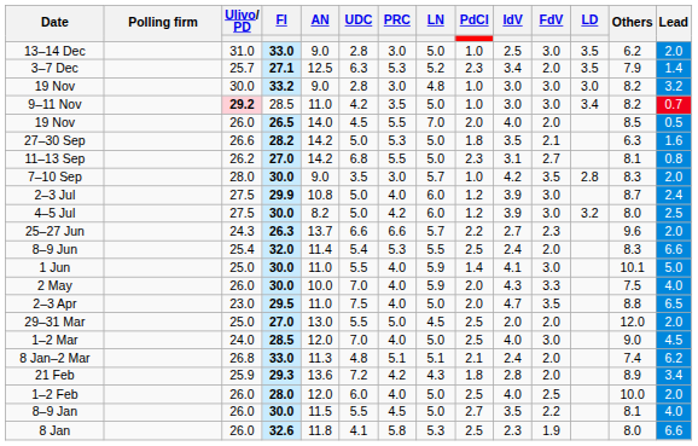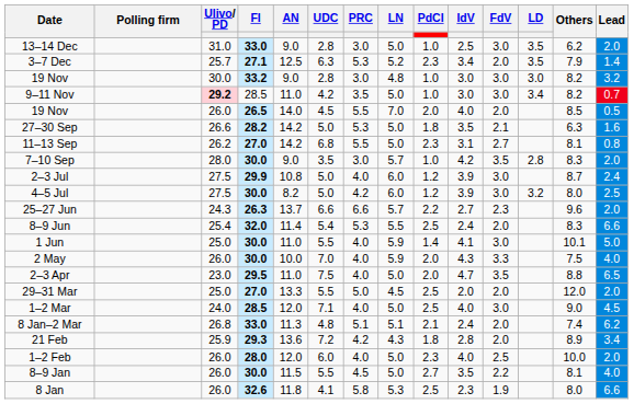 <table class="wikitable collapsible" style="text-align:center;font-size:85%;line-height:13px">
 <tr style="height:30px; background-color:#E9E9E9">
 <th style="width:100px;" rowspan="2">Date</th>
 <th style="width:120px;" rowspan="2">Polling firm</th>
 <th style="width:35px;"><a href='#'>Ulivo</a>/<br><a href='#'>PD</a></th>
 <th style="width:35px;"><a href='#'>FI</a></th>
 <th style="width:35px;"><a href='#'>AN</a></th>
 <th style="width:35px;"><a href='#'>UDC</a></th>
 <th style="width:35px;"><a href='#'>PRC</a></th>
 <th style="width:35px;"><a href='#'>LN</a></th>
 <th style="width:35px;"><a href='#'>PdCI</a></th>
 <th style="width:35px;"><a href='#'>IdV</a></th>
 <th style="width:35px;"><a href='#'>FdV</a></th>
 <th style="width:35px;"><a href='#'>LD</a></th>
 <th style="width:35px;" rowspan="2">Others</th>
 <th style="width:25px;" rowspan="2">Lead</th>
 </tr>
 <tr>
 <th style="background:"></th>
 <th style="background:"></th>
 <th style="background:"></th>
 <th style="background:"></th>
 <th style="background:"></th>
 <th style="background:"></th>
 <th style="background:red;"></th>
 <th style="background:"></th>
 <th style="background:"></th>
 <th style="background:"></th>
 </tr>
 <tr>
 <td>13–14 Dec</td>
 <td></td>
 <td>31.0</td>
 <td style="background:#C8EBFF"><strong>33.0</strong></td>
 <td>9.0</td>
 <td>2.8</td>
 <td>3.0</td>
 <td>5.0</td>
 <td>1.0</td>
 <td>2.5</td>
 <td>3.0</td>
 <td>3.5</td>
 <td>6.2</td>
 <td style="background:#0087DC; color:white;">2.0</td>
 </tr>
 <tr>
 <td>3–7 Dec</td>
 <td></td>
 <td>25.7</td>
 <td style="background:#C8EBFF"><strong>27.1</strong></td>
 <td>12.5</td>
 <td>6.3</td>
 <td>5.3</td>
 <td>5.2</td>
 <td>2.3</td>
 <td>3.4</td>
 <td>2.0</td>
 <td>3.5</td>
 <td>7.9</td>
 <td style="background:#0087DC; color:white;">1.4</td>
 </tr>
 <tr>
 <td>19 Nov</td>
 <td></td>
 <td>30.0</td>
 <td style="background:#C8EBFF"><strong>33.2</strong></td>
 <td>9.0</td>
 <td>2.8</td>
 <td>3.0</td>
 <td>4.8</td>
 <td>1.0</td>
 <td>3.0</td>
 <td>3.0</td>
 <td>3.0</td>
 <td>8.2</td>
 <td style="background:#0087DC; color:white;">3.2</td>
 </tr>
 <tr>
 <td>9–11 Nov</td>
 <td></td>
 <td style="background:#FFD0D7"><strong>29.2</strong></td>
 <td>28.5</td>
 <td>11.0</td>
 <td>4.2</td>
 <td>3.5</td>
 <td>5.0</td>
 <td>1.0</td>
 <td>3.0</td>
 <td>3.0</td>
 <td>3.4</td>
 <td>8.2</td>
 <td style="background:#F0001C; color:white;">0.7</td>
 </tr>
 <tr>
 <td>19 Nov</td>
 <td></td>
 <td>26.0</td>
 <td style="background:#C8EBFF"><strong>26.5</strong></td>
 <td>14.0</td>
 <td>4.5</td>
 <td>5.5</td>
 <td>7.0</td>
 <td>2.0</td>
 <td>4.0</td>
 <td>2.0</td>
 <td></td>
 <td>8.5</td>
 <td style="background:#0087DC; color:white;">0.5</td>
 </tr>
 <tr>
 <td>27–30 Sep</td>
 <td></td>
 <td>26.6</td>
 <td style="background:#C8EBFF"><strong>28.2</strong></td>
 <td>14.2</td>
 <td>5.0</td>
 <td>5.3</td>
 <td>5.0</td>
 <td>1.8</td>
 <td>3.5</td>
 <td>2.1</td>
 <td></td>
 <td>6.3</td>
 <td style="background:#0087DC; color:white;">1.6</td>
 </tr>
 <tr>
 <td>11–13 Sep</td>
 <td></td>
 <td>26.2</td>
 <td style="background:#C8EBFF"><strong>27.0</strong></td>
 <td>14.2</td>
 <td>6.8</td>
 <td>5.5</td>
 <td>5.0</td>
 <td>2.3</td>
 <td>3.1</td>
 <td>2.7</td>
 <td></td>
 <td>8.1</td>
 <td style="background:#0087DC; color:white;">0.8</td>
 </tr>
 <tr>
 <td>7–10 Sep</td>
 <td></td>
 <td>28.0</td>
 <td style="background:#C8EBFF"><strong>30.0</strong></td>
 <td>9.0</td>
 <td>3.5</td>
 <td>3.0</td>
 <td>5.7</td>
 <td>1.0</td>
 <td>4.2</td>
 <td>3.5</td>
 <td>2.8</td>
 <td>8.3</td>
 <td style="background:#0087DC; color:white;">2.0</td>
 </tr>
 <tr>
 <td>2–3 Jul</td>
 <td></td>
 <td>27.5</td>
 <td style="background:#C8EBFF"><strong>29.9</strong></td>
 <td>10.8</td>
 <td>5.0</td>
 <td>4.0</td>
 <td>6.0</td>
 <td>1.2</td>
 <td>3.9</td>
 <td>3.0</td>
 <td></td>
 <td>8.7</td>
 <td style="background:#0087DC; color:white;">2.4</td>
 </tr>
 <tr>
 <td>4–5 Jul</td>
 <td></td>
 <td>27.5</td>
 <td style="background:#C8EBFF"><strong>30.0</strong></td>
 <td>8.2</td>
 <td>5.0</td>
 <td>4.2</td>
 <td>6.0</td>
 <td>1.2</td>
 <td>3.9</td>
 <td>3.0</td>
 <td>3.2</td>
 <td>8.0</td>
 <td style="background:#0087DC; color:white;">2.5</td>
 </tr>
 <tr>
 <td>25–27 Jun</td>
 <td></td>
 <td>24.3</td>
 <td style="background:#C8EBFF"><strong>26.3</strong></td>
 <td>13.7</td>
 <td>6.6</td>
 <td>6.6</td>
 <td>5.7</td>
 <td>2.2</td>
 <td>2.7</td>
 <td>2.3</td>
 <td></td>
 <td>9.6</td>
 <td style="background:#0087DC; color:white;">2.0</td>
 </tr>
 <tr>
 <td>8–9 Jun</td>
 <td></td>
 <td>25.4</td>
 <td style="background:#C8EBFF"><strong>32.0</strong></td>
 <td>11.4</td>
 <td>5.4</td>
 <td>5.3</td>
 <td>5.5</td>
 <td>2.5</td>
 <td>2.4</td>
 <td>2.0</td>
 <td></td>
 <td>8.3</td>
 <td style="background:#0087DC; color:white;">6.6</td>
 </tr>
 <tr>
 <td>1 Jun</td>
 <td></td>
 <td>25.0</td>
 <td style="background:#C8EBFF"><strong>30.0</strong></td>
 <td>11.0</td>
 <td>5.5</td>
 <td>4.0</td>
 <td>5.9</td>
 <td>1.4</td>
 <td>4.1</td>
 <td>3.0</td>
 <td></td>
 <td>10.1</td>
 <td style="background:#0087DC; color:white;">5.0</td>
 </tr>
 <tr>
 <td>2 May</td>
 <td></td>
 <td>26.0</td>
 <td style="background:#C8EBFF"><strong>30.0</strong></td>
 <td>10.0</td>
 <td>7.0</td>
 <td>4.0</td>
 <td>5.9</td>
 <td>2.0</td>
 <td>4.3</td>
 <td>3.3</td>
 <td></td>
 <td>7.5</td>
 <td style="background:#0087DC; color:white;">4.0</td>
 </tr>
 <tr>
 <td>2–3 Apr</td>
 <td></td>
 <td>23.0</td>
 <td style="background:#C8EBFF"><strong>29.5</strong></td>
 <td>11.0</td>
 <td>7.5</td>
 <td>4.0</td>
 <td>5.0</td>
 <td>2.0</td>
 <td>4.7</td>
 <td>3.5</td>
 <td></td>
 <td>8.8</td>
 <td style="background:#0087DC; color:white;">6.5</td>
 </tr>
 <tr>
 <td>29–31 Mar</td>
 <td></td>
 <td>25.0</td>
 <td style="background:#C8EBFF"><strong>27.0</strong></td>
-<td>13.0</td>
+<td>13.3</td>
 <td>5.5</td>
 <td>5.0</td>
 <td>4.5</td>
 <td>2.5</td>
 <td>2.0</td>
 <td>2.0</td>
 <td></td>
 <td>12.0</td>
 <td style="background:#0087DC; color:white;">2.0</td>
 </tr>
 <tr>
 <td>1–2 Mar</td>
 <td></td>
 <td>24.0</td>
 <td style="background:#C8EBFF"><strong>28.5</strong></td>
 <td>12.0</td>
-<td>7.0</td>
+<td>7.1</td>
 <td>4.0</td>
 <td>5.0</td>
 <td>2.5</td>
 <td>4.0</td>
 <td>3.0</td>
 <td></td>
 <td>9.0</td>
 <td style="background:#0087DC; color:white;">4.5</td>
 </tr>
 <tr>
 <td>8 Jan–2 Mar</td>
 <td></td>
 <td>26.8</td>
 <td style="background:#C8EBFF"><strong>33.0</strong></td>
 <td>11.3</td>
 <td>4.8</td>
 <td>5.1</td>
 <td>5.1</td>
 <td>2.1</td>
 <td>2.4</td>
 <td>2.0</td>
 <td></td>
 <td>7.4</td>
 <td style="background:#0087DC; color:white;">6.2</td>
 </tr>
 <tr>
 <td>21 Feb</td>
 <td></td>
 <td>25.9</td>
 <td style="background:#C8EBFF"><strong>29.3</strong></td>
 <td>13.6</td>
 <td>7.2</td>
 <td>4.2</td>
 <td>4.3</td>
 <td>1.8</td>
 <td>2.8</td>
 <td>2.0</td>
 <td></td>
 <td>8.9</td>
 <td style="background:#0087DC; color:white;">3.4</td>
 </tr>
 <tr>
 <td>1–2 Feb</td>
 <td></td>
 <td>26.0</td>
 <td style="background:#C8EBFF"><strong>28.0</strong></td>
 <td>12.0</td>
 <td>6.0</td>
 <td>4.0</td>
 <td>5.0</td>
-<td>2.5</td>
+<td>2.3</td>
 <td>4.0</td>
 <td>2.5</td>
 <td></td>
 <td>10.0</td>
 <td style="background:#0087DC; color:white;">2.0</td>
 </tr>
 <tr>
 <td>8–9 Jan</td>
 <td></td>
 <td>26.0</td>
 <td style="background:#C8EBFF"><strong>30.0</strong></td>
 <td>11.5</td>
 <td>5.5</td>
 <td>4.5</td>
 <td>5.0</td>
 <td>2.7</td>
 <td>3.5</td>
 <td>2.2</td>
 <td></td>
 <td>8.1</td>
 <td style="background:#0087DC; color:white;">4.0</td>
 </tr>
 <tr>
 <td>8 Jan</td>
 <td></td>
 <td>26.0</td>
 <td style="background:#C8EBFF"><strong>32.6</strong></td>
 <td>11.8</td>
 <td>4.1</td>
 <td>5.8</td>
 <td>5.3</td>
 <td>2.5</td>
 <td>2.3</td>
 <td>1.9</td>
 <td></td>
 <td>8.0</td>
 <td style="background:#0087DC; color:white;">6.6</td>
 </tr>
 </table>
